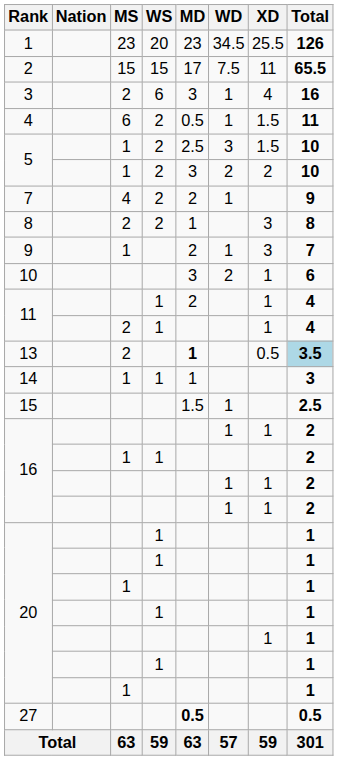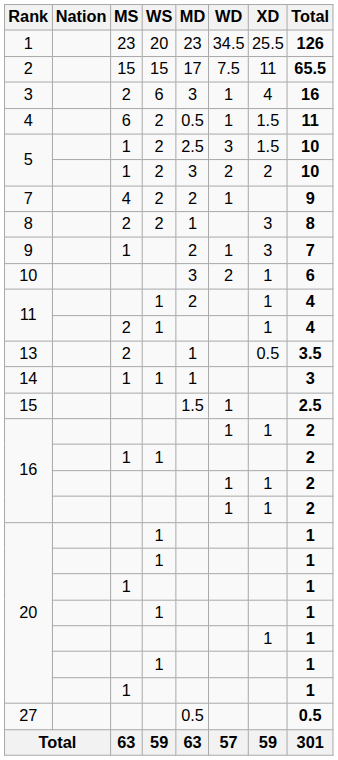 <table class="wikitable" style="text-align:center">
 <tr>
 <th width="20">Rank</th>
 <th>Nation</th>
 <th width="20">MS</th>
 <th width="20">WS</th>
 <th width="20">MD</th>
 <th width="20">WD</th>
 <th width="20">XD</th>
 <th>Total</th>
 </tr>
 <tr>
 <td>1</td>
 <td align=left></td>
 <td>23</td>
 <td>20</td>
 <td>23</td>
 <td>34.5</td>
 <td>25.5</td>
 <td><strong>126</strong></td>
 </tr>
 <tr>
 <td>2</td>
 <td align=left></td>
 <td>15</td>
 <td>15</td>
 <td>17</td>
 <td>7.5</td>
 <td>11</td>
 <td><strong>65.5</strong></td>
 </tr>
 <tr>
 <td>3</td>
 <td align=left></td>
 <td>2</td>
 <td>6</td>
 <td>3</td>
 <td>1</td>
 <td>4</td>
 <td><strong>16</strong></td>
 </tr>
 <tr>
 <td>4</td>
 <td align=left></td>
 <td>6</td>
 <td>2</td>
 <td>0.5</td>
 <td>1</td>
 <td>1.5</td>
 <td><strong>11</strong></td>
 </tr>
 <tr>
 <td rowspan=2>5</td>
 <td align=left></td>
 <td>1</td>
 <td>2</td>
 <td>2.5</td>
 <td>3</td>
 <td>1.5</td>
 <td><strong>10</strong></td>
 </tr>
 <tr>
 <td align=left></td>
 <td>1</td>
 <td>2</td>
 <td>3</td>
 <td>2</td>
 <td>2</td>
 <td><strong>10</strong></td>
 </tr>
 <tr>
 <td>7</td>
 <td align=left></td>
 <td>4</td>
 <td>2</td>
 <td>2</td>
 <td>1</td>
 <td></td>
 <td><strong>9</strong></td>
 </tr>
 <tr>
 <td>8</td>
 <td align=left><strong></strong></td>
 <td>2</td>
 <td>2</td>
 <td>1</td>
 <td></td>
 <td>3</td>
 <td><strong>8</strong></td>
 </tr>
 <tr>
 <td>9</td>
 <td align=left></td>
 <td>1</td>
 <td></td>
 <td>2</td>
 <td>1</td>
 <td>3</td>
 <td><strong>7</strong></td>
 </tr>
 <tr>
 <td>10</td>
 <td align=left></td>
 <td></td>
 <td></td>
 <td>3</td>
 <td>2</td>
 <td>1</td>
 <td><strong>6</strong></td>
 </tr>
 <tr>
 <td rowspan="2">11</td>
 <td align=left></td>
 <td></td>
 <td>1</td>
 <td>2</td>
 <td></td>
 <td>1</td>
 <td><strong>4</strong></td>
 </tr>
 <tr>
 <td align=left></td>
 <td>2</td>
 <td>1</td>
 <td></td>
 <td></td>
 <td>1</td>
 <td><strong>4</strong></td>
 </tr>
 <tr>
 <td>13</td>
 <td align=left></td>
 <td>2</td>
 <td></td>
-<td><strong>1</strong></td>
+<td>1</td>
 <td></td>
 <td>0.5</td>
-<td style="background: lightblue;"><strong>3.5</strong></td>
+<td><strong>3.5</strong></td>
 </tr>
 <tr>
 <td>14</td>
 <td align=left></td>
 <td>1</td>
 <td>1</td>
 <td>1</td>
 <td></td>
 <td></td>
 <td><strong>3</strong></td>
 </tr>
 <tr>
 <td>15</td>
 <td align=left></td>
 <td></td>
 <td></td>
 <td>1.5</td>
 <td>1</td>
 <td></td>
 <td><strong>2.5</strong></td>
 </tr>
 <tr>
 <td rowspan="4">16</td>
 <td align=left></td>
 <td></td>
 <td></td>
 <td></td>
 <td>1</td>
 <td>1</td>
 <td><strong>2</strong></td>
 </tr>
 <tr>
 <td align=left></td>
 <td>1</td>
 <td>1</td>
 <td></td>
 <td></td>
 <td></td>
 <td><strong>2</strong></td>
 </tr>
 <tr>
 <td align=left></td>
 <td></td>
 <td></td>
 <td></td>
 <td>1</td>
 <td>1</td>
 <td><strong>2</strong></td>
 </tr>
 <tr>
 <td align=left></td>
 <td></td>
 <td></td>
 <td></td>
 <td>1</td>
 <td>1</td>
 <td><strong>2</strong></td>
 </tr>
 <tr>
 <td rowspan="7">20</td>
 <td align=left></td>
 <td></td>
 <td>1</td>
 <td></td>
 <td></td>
 <td></td>
 <td><strong>1</strong></td>
 </tr>
 <tr>
 <td align=left></td>
 <td></td>
 <td>1</td>
 <td></td>
 <td></td>
 <td></td>
 <td><strong>1</strong></td>
 </tr>
 <tr>
 <td align=left></td>
 <td>1</td>
 <td></td>
 <td></td>
 <td></td>
 <td></td>
 <td><strong>1</strong></td>
 </tr>
 <tr>
 <td align=left></td>
 <td></td>
 <td>1</td>
 <td></td>
 <td></td>
 <td></td>
 <td><strong>1</strong></td>
 </tr>
 <tr>
 <td align=left></td>
 <td></td>
 <td></td>
 <td></td>
 <td></td>
 <td>1</td>
 <td><strong>1</strong></td>
 </tr>
 <tr>
 <td align=left></td>
 <td></td>
 <td>1</td>
 <td></td>
 <td></td>
 <td></td>
 <td><strong>1</strong></td>
 </tr>
 <tr>
 <td align=left></td>
 <td>1</td>
 <td></td>
 <td></td>
 <td></td>
 <td></td>
 <td><strong>1</strong></td>
 </tr>
 <tr>
 <td>27</td>
 <td align=left></td>
 <td></td>
 <td></td>
-<td><strong>0.5</strong></td>
+<td>0.5</td>
 <td></td>
 <td></td>
 <td><strong>0.5</strong></td>
 </tr>
 <tr>
 <th colspan=2>Total</th>
 <th>63</th>
 <th>59</th>
 <th>63</th>
 <th>57</th>
 <th>59</th>
 <th>301</th>
 </tr>
 </table>
